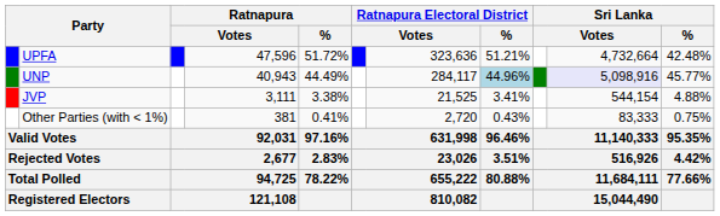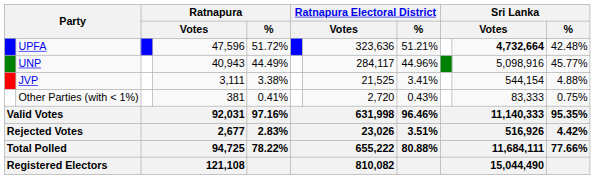 <table class="wikitable">
 <tr>
 <th colspan="2" width="144px"rowspan="2">Party</th>
 <th colspan="3" width="216px">Ratnapura</th>
 <th colspan="3" width="216px"><a href='#'>Ratnapura Electoral District</a></th>
 <th colspan="3" width="216px">Sri Lanka</th>
 </tr>
 <tr>
 <th colspan="2" width="144px">Votes</th>
 <th>%</th>
 <th colspan="2" width="144px">Votes</th>
 <th>%</th>
 <th colspan="2" width="144px">Votes</th>
 <th>%</th>
 </tr>
 <tr>
 <td style="background-color:blue;" width="10px"></td>
 <td style="text-align:left;"><a href='#'>UPFA</a></td>
 <td style="background-color:blue;" width="10px"></td>
 <td style="text-align:right;">47,596</td>
 <td style="text-align:right;">51.72%</td>
 <td style="background-color:blue;" width="10px"></td>
 <td style="text-align:right;">323,636</td>
 <td style="text-align:right;">51.21%</td>
 <td style="background-color:white;" width="10px"></td>
-<td style="text-align:right;">4,732,664</td>
+<td style="text-align:right;"><strong>4,732,664</strong></td>
 <td style="text-align:right;">42.48%</td>
 </tr>
 <tr>
 <td style="background-color:green;" width="10px"></td>
 <td style="text-align:left;"><a href='#'>UNP</a></td>
 <td style="background-color:white;" width="10px"></td>
 <td style="text-align:right;">40,943</td>
 <td style="text-align:right;">44.49%</td>
 <td style="background-color:white;" width="10px"></td>
 <td style="text-align:right;">284,117</td>
-<td style="background: lightblue; text-align:right;">44.96%</td>
+<td style="text-align:right;">44.96%</td>
 <td style="background-color:green;" width="10px"></td>
-<td style="background: lavender; text-align:right;">5,098,916</td>
+<td style="text-align:right;">5,098,916</td>
 <td style="text-align:right;">45.77%</td>
 </tr>
 <tr>
 <td style="background-color:red;" width="10px"></td>
 <td style="text-align:left;"><a href='#'>JVP</a></td>
 <td style="background-color:white;" width="10px"></td>
 <td style="text-align:right;">3,111</td>
 <td style="text-align:right;">3.38%</td>
 <td style="background-color:white;" width="10px"></td>
 <td style="text-align:right;">21,525</td>
 <td style="text-align:right;">3.41%</td>
 <td style="background-color:white;" width="10px"></td>
 <td style="text-align:right;">544,154</td>
 <td style="text-align:right;">4.88%</td>
 </tr>
 <tr>
 <td style="background-color:white;" width="10px"></td>
 <td style="text-align:left;">Other Parties (with < 1%)</td>
 <td style="background-color:white;" width="10px"></td>
 <td style="text-align:right;">381</td>
 <td style="text-align:right;">0.41%</td>
 <td style="background-color:white;" width="10px"></td>
 <td style="text-align:right;">2,720</td>
 <td style="text-align:right;">0.43%</td>
 <td style="background-color:white;" width="10px"></td>
 <td style="text-align:right;">83,333</td>
 <td style="text-align:right;">0.75%</td>
 </tr>
 <tr>
 <th colspan="2" width="144px"style="text-align:left;">Valid Votes</th>
 <th style="text-align:right;"colspan="2" width="144px">92,031</th>
 <th style="text-align:right;">97.16%</th>
 <th style="text-align:right;"colspan="2" width="144px">631,998</th>
 <th style="text-align:right;">96.46%</th>
 <th style="text-align:right;"colspan="2" width="144px">11,140,333</th>
 <th style="text-align:right;">95.35%</th>
 </tr>
 <tr>
 <th colspan="2" width="144px"style="text-align:left;">Rejected Votes</th>
 <th style="text-align:right;"colspan="2" width="144px">2,677</th>
 <th style="text-align:right;">2.83%</th>
 <th style="text-align:right;"colspan="2" width="144px">23,026</th>
 <th style="text-align:right;">3.51%</th>
 <th style="text-align:right;"colspan="2" width="144px">516,926</th>
 <th style="text-align:right;">4.42%</th>
 </tr>
 <tr>
 <th colspan="2" width="144px"style="text-align:left;">Total Polled</th>
 <th style="text-align:right;"colspan="2" width="144px">94,725</th>
 <th style="text-align:right;">78.22%</th>
 <th style="text-align:right;"colspan="2" width="144px">655,222</th>
 <th style="text-align:right;">80.88%</th>
 <th style="text-align:right;"colspan="2" width="144px">11,684,111</th>
 <th style="text-align:right;">77.66%</th>
 </tr>
 <tr>
 <th colspan="2" width="144px"style="text-align:left;">Registered Electors</th>
 <th style="text-align:right;"colspan="2" width="144px">121,108</th>
 <th></th>
 <th style="text-align:right;"colspan="2" width="144px">810,082</th>
 <th></th>
 <th style="text-align:right;"colspan="2" width="144px">15,044,490</th>
 <th></th>
 </tr>
 </table>
